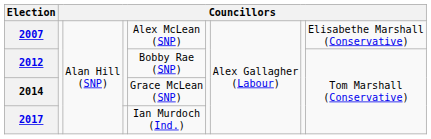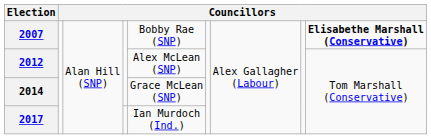 <table class="wikitable" style="text-align:center">
 <tr>
 <th>Election</th>
 <th colspan=8>Councillors</th>
 </tr>
 <tr>
 <th><a href='#'>2007</a></th>
 <td rowspan=4; style="background-color: "></td>
 <td rowspan=4>Alan Hill<br>(<a href='#'>SNP</a>)</td>
 <td rowspan=3; style="background-color: "></td>
-<td rowspan=1>Alex McLean<br>(<a href='#'>SNP</a>)</td>
+<td rowspan=1>Bobby Rae<br>(<a href='#'>SNP</a>)</td>
 <td rowspan=4; style="background-color: "></td>
 <td rowspan=4>Alex Gallagher<br>(<a href='#'>Labour</a>)</td>
 <td rowspan=5; style="background-color: "></td>
-<td rowspan=1>Elisabethe Marshall<br>(<a href='#'>Conservative</a>)</td>
+<td rowspan=1><strong>Elisabethe Marshall<br>(<a href='#'>Conservative</a>)</strong></td>
 </tr>
 <tr>
 <th><a href='#'>2012</a></th>
-<td rowspan=1>Bobby Rae<br>(<a href='#'>SNP</a>)</td>
+<td rowspan=1>Alex McLean<br>(<a href='#'>SNP</a>)</td>
 <td rowspan=3>Tom Marshall<br>(<a href='#'>Conservative</a>)</td>
 </tr>
 <tr>
 <th>2014</th>
 <td rowspan=1>Grace McLean<br>(<a href='#'>SNP</a>)</td>
 </tr>
 <tr>
 <th><a href='#'>2017</a></th>
 <td rowspan=1; style="background-color: "></td>
 <td rowspan=1>Ian Murdoch<br>(<a href='#'>Ind.</a>)</td>
 </tr>
 </table>
